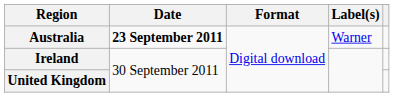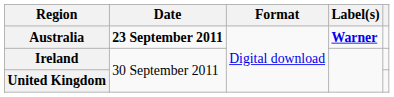 <table class="wikitable plainrowheaders">
 <tr>
 <th scope="col">Region</th>
 <th scope="col">Date</th>
 <th scope="col">Format</th>
 <th scope="col">Label(s)</th>
 <th scope="col"></th>
 </tr>
 <tr>
 <th scope="row">Australia</th>
 <td><strong>23 September 2011</strong></td>
 <td rowspan="3"><a href='#'>Digital download</a></td>
-<td><a href='#'>Warner</a></td>
+<td><strong><a href='#'>Warner</a></strong></td>
 <td align="center"></td>
 </tr>
 <tr>
 <th scope="row">Ireland</th>
 <td rowspan="2">30 September 2011</td>
 <td rowspan="2"></td>
 <td align="center"></td>
 </tr>
 <tr>
 <th scope="row">United Kingdom</th>
 <td align="center"></td>
 </tr>
 </table>
